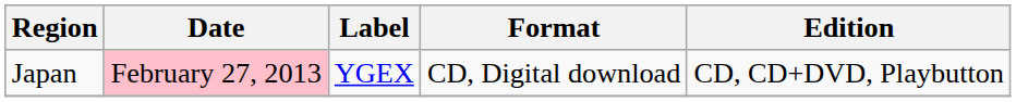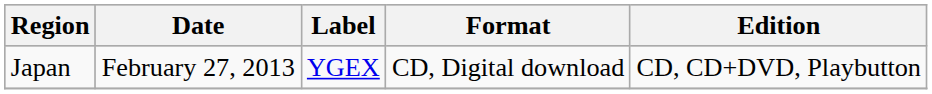 <table class="wikitable">
 <tr>
 <th>Region</th>
 <th>Date</th>
 <th>Label</th>
 <th>Format</th>
 <th>Edition</th>
 </tr>
 <tr>
 <td>Japan</td>
-<td style="background: pink;">February 27, 2013</td>
+<td>February 27, 2013</td>
 <td><a href='#'>YGEX</a></td>
 <td>CD, Digital download</td>
 <td>CD, CD+DVD, Playbutton</td>
 </tr>
 <tr>
 </tr>
 </table>
